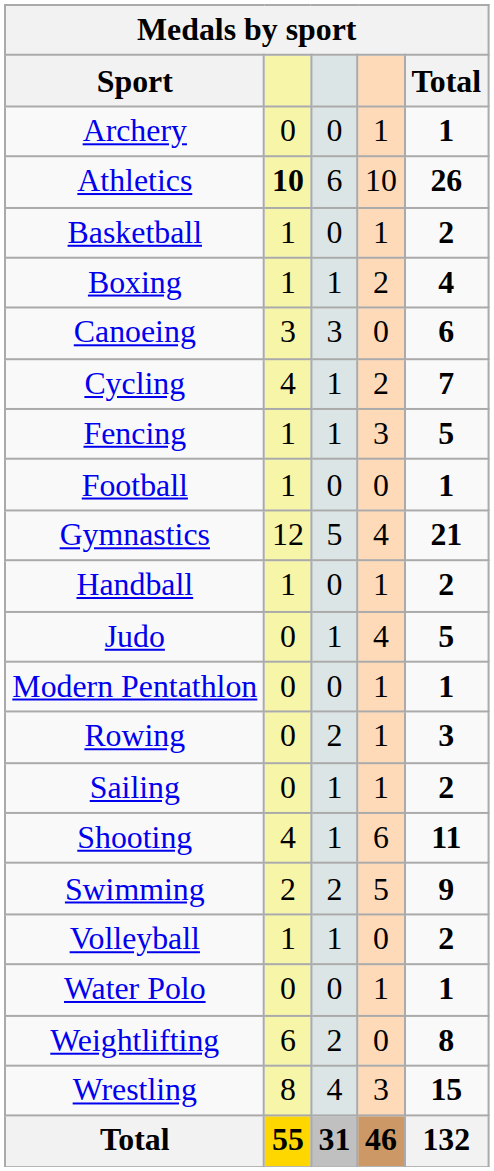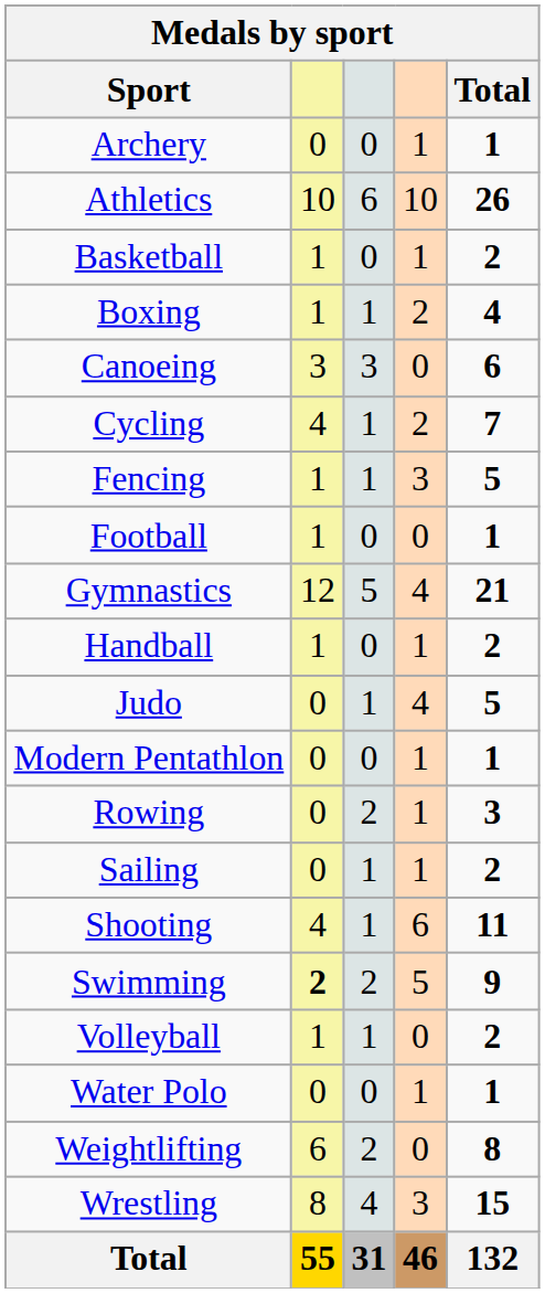 <table class="wikitable sortable">
 <tr style="background:#efefef;">
 <th colspan=5>Medals by sport</th>
 </tr>
 <tr style="text-align:center">
 <th>Sport</th>
 <th style="background:#f7f6a8"></th>
 <th style="background:#dce5e5"></th>
 <th style="background:#ffdab9"></th>
 <th>Total</th>
 </tr>
 <tr style="text-align:center">
 <td><a href='#'>Archery</a></td>
 <td style="background:#F7F6A8;">0</td>
 <td style="background:#DCE5E5;">0</td>
 <td style="background:#FFDAB9;">1</td>
 <td><strong>1</strong></td>
 </tr>
 <tr style="text-align:center">
 <td><a href='#'>Athletics</a></td>
-<td style="background:#F7F6A8;"><strong>10</strong></td>
+<td style="background:#F7F6A8;">10</td>
 <td style="background:#DCE5E5;">6</td>
 <td style="background:#FFDAB9;">10</td>
 <td><strong>26</strong></td>
 </tr>
 <tr style="text-align:center">
 <td><a href='#'>Basketball</a></td>
 <td style="background:#F7F6A8;">1</td>
 <td style="background:#DCE5E5;">0</td>
 <td style="background:#FFDAB9;">1</td>
 <td><strong>2</strong></td>
 </tr>
 <tr style="text-align:center">
 <td><a href='#'>Boxing</a></td>
 <td style="background:#F7F6A8;">1</td>
 <td style="background:#DCE5E5;">1</td>
 <td style="background:#FFDAB9;">2</td>
 <td><strong>4</strong></td>
 </tr>
 <tr style="text-align:center">
 <td><a href='#'>Canoeing</a></td>
 <td style="background:#F7F6A8;">3</td>
 <td style="background:#DCE5E5;">3</td>
 <td style="background:#FFDAB9;">0</td>
 <td><strong>6</strong></td>
 </tr>
 <tr style="text-align:center">
 <td><a href='#'>Cycling</a></td>
 <td style="background:#F7F6A8;">4</td>
 <td style="background:#DCE5E5;">1</td>
 <td style="background:#FFDAB9;">2</td>
 <td><strong>7</strong></td>
 </tr>
 <tr style="text-align:center">
 <td><a href='#'>Fencing</a></td>
 <td style="background:#F7F6A8;">1</td>
 <td style="background:#DCE5E5;">1</td>
 <td style="background:#FFDAB9;">3</td>
 <td><strong>5</strong></td>
 </tr>
 <tr style="text-align:center">
 <td><a href='#'>Football</a></td>
 <td style="background:#F7F6A8;">1</td>
 <td style="background:#DCE5E5;">0</td>
 <td style="background:#FFDAB9;">0</td>
 <td><strong>1</strong></td>
 </tr>
 <tr style="text-align:center">
 <td><a href='#'>Gymnastics</a></td>
 <td style="background:#F7F6A8;">12</td>
 <td style="background:#DCE5E5;">5</td>
 <td style="background:#FFDAB9;">4</td>
 <td><strong>21</strong></td>
 </tr>
 <tr style="text-align:center">
 <td><a href='#'>Handball</a></td>
 <td style="background:#F7F6A8;">1</td>
 <td style="background:#DCE5E5;">0</td>
 <td style="background:#FFDAB9;">1</td>
 <td><strong>2</strong></td>
 </tr>
 <tr style="text-align:center">
 <td><a href='#'>Judo</a></td>
 <td style="background:#F7F6A8;">0</td>
 <td style="background:#DCE5E5;">1</td>
 <td style="background:#FFDAB9;">4</td>
 <td><strong>5</strong></td>
 </tr>
 <tr style="text-align:center">
 <td><a href='#'>Modern Pentathlon</a></td>
 <td style="background:#F7F6A8;">0</td>
 <td style="background:#DCE5E5;">0</td>
 <td style="background:#FFDAB9;">1</td>
 <td><strong>1</strong></td>
 </tr>
 <tr style="text-align:center">
 <td><a href='#'>Rowing</a></td>
 <td style="background:#F7F6A8;">0</td>
 <td style="background:#DCE5E5;">2</td>
 <td style="background:#FFDAB9;">1</td>
 <td><strong>3</strong></td>
 </tr>
 <tr style="text-align:center">
 <td><a href='#'>Sailing</a></td>
 <td style="background:#F7F6A8;">0</td>
 <td style="background:#DCE5E5;">1</td>
 <td style="background:#FFDAB9;">1</td>
 <td><strong>2</strong></td>
 </tr>
 <tr style="text-align:center">
 <td><a href='#'>Shooting</a></td>
 <td style="background:#F7F6A8;">4</td>
 <td style="background:#DCE5E5;">1</td>
 <td style="background:#FFDAB9;">6</td>
 <td><strong>11</strong></td>
 </tr>
 <tr style="text-align:center">
 <td><a href='#'>Swimming</a></td>
-<td style="background:#F7F6A8;">2</td>
+<td style="background:#F7F6A8;"><strong>2</strong></td>
 <td style="background:#DCE5E5;">2</td>
 <td style="background:#FFDAB9;">5</td>
 <td><strong>9</strong></td>
 </tr>
 <tr style="text-align:center">
 <td><a href='#'>Volleyball</a></td>
 <td style="background:#F7F6A8;">1</td>
 <td style="background:#DCE5E5;">1</td>
 <td style="background:#FFDAB9;">0</td>
 <td><strong>2</strong></td>
 </tr>
 <tr style="text-align:center">
 <td><a href='#'>Water Polo</a></td>
 <td style="background:#F7F6A8;">0</td>
 <td style="background:#DCE5E5;">0</td>
 <td style="background:#FFDAB9;">1</td>
 <td><strong>1</strong></td>
 </tr>
 <tr style="text-align:center">
 <td><a href='#'>Weightlifting</a></td>
 <td style="background:#F7F6A8;">6</td>
 <td style="background:#DCE5E5;">2</td>
 <td style="background:#FFDAB9;">0</td>
 <td><strong>8</strong></td>
 </tr>
 <tr style="text-align:center">
 <td><a href='#'>Wrestling</a></td>
 <td style="background:#F7F6A8;">8</td>
 <td style="background:#DCE5E5;">4</td>
 <td style="background:#FFDAB9;">3</td>
 <td><strong>15</strong></td>
 </tr>
 <tr style="text-align:center">
 <th>Total</th>
 <th style="background:gold;">55</th>
 <th style="background:silver;">31</th>
 <th style="background:#c96;">46</th>
 <th>132</th>
 </tr>
 </table>
